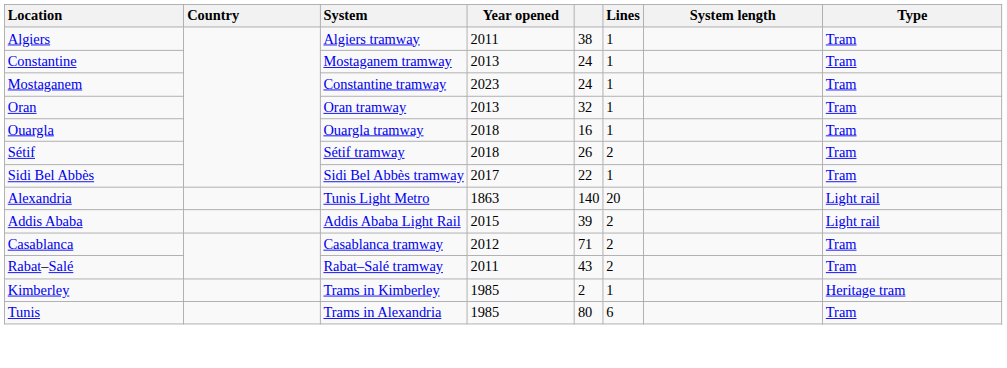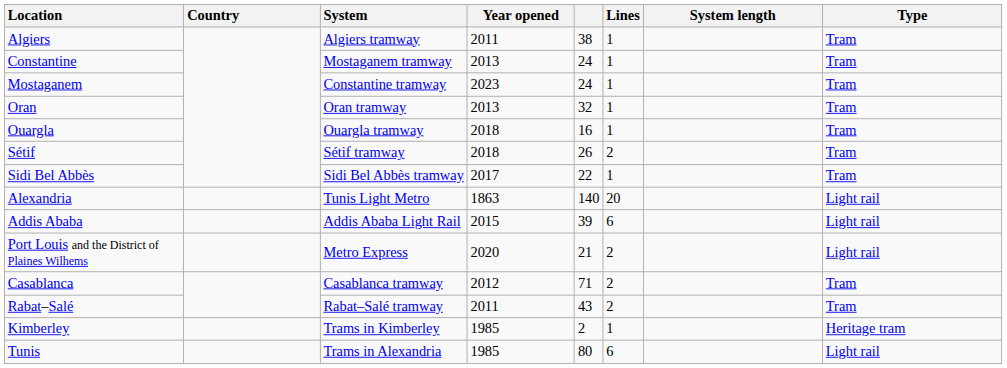 <table class="wikitable sortable sticky-header">
 <tr>
 <th style="text-align:left; width:12em;">Location</th>
 <th style="text-align:left; width:9em;">Country</th>
 <th style="text-align:left;">System</th>
 <th style="width:7em;">Year opened</th>
 <th data-sort-type="number"></th>
 <th>Lines</th>
 <th style="width:12em;" data-sort-type="number">System length</th>
 <th style="width:12em;">Type</th>
 </tr>
 <tr class="sort">
 <td><a href='#'>Algiers</a></td>
 <td rowspan="7"></td>
 <td><a href='#'>Algiers tramway</a></td>
 <td style="text-align:left">2011</td>
 <td style="text-align:left">38</td>
 <td style="text-align:left">1</td>
 <td style="text-align:left"></td>
 <td><a href='#'>Tram</a></td>
 </tr>
 <tr>
 <td><a href='#'>Constantine</a></td>
 <td><a href='#'>Mostaganem tramway</a></td>
 <td style="text-align:left">2013</td>
 <td style="text-align:left">24</td>
 <td style="text-align:left">1</td>
 <td style="text-align:left"></td>
 <td><a href='#'>Tram</a></td>
 </tr>
 <tr>
 <td><a href='#'>Mostaganem</a></td>
 <td><a href='#'>Constantine tramway</a></td>
 <td style="text-align:left">2023</td>
 <td style="text-align:left">24</td>
 <td style="text-align:left">1</td>
 <td style="text-align:left"></td>
 <td><a href='#'>Tram</a></td>
 </tr>
 <tr>
 <td><a href='#'>Oran</a></td>
 <td><a href='#'>Oran tramway</a></td>
 <td style="text-align:left">2013</td>
 <td style="text-align:left">32</td>
 <td style="text-align:left">1</td>
 <td style="text-align:left"></td>
 <td><a href='#'>Tram</a></td>
 </tr>
 <tr>
 <td><a href='#'>Ouargla</a></td>
 <td><a href='#'>Ouargla tramway</a></td>
 <td style="text-align:left">2018</td>
 <td style="text-align:left">16</td>
 <td style="text-align:left">1</td>
 <td style="text-align:left"></td>
 <td><a href='#'>Tram</a></td>
 </tr>
 <tr>
 <td><a href='#'>Sétif</a></td>
 <td><a href='#'>Sétif tramway</a></td>
 <td style="text-align:left">2018</td>
 <td style="text-align:left">26</td>
 <td style="text-align:left">2</td>
 <td style="text-align:left"></td>
 <td><a href='#'>Tram</a></td>
 </tr>
 <tr>
 <td><a href='#'>Sidi Bel Abbès</a></td>
 <td><a href='#'>Sidi Bel Abbès tramway</a></td>
 <td style="text-align:left">2017</td>
 <td style="text-align:left">22</td>
 <td style="text-align:left">1</td>
 <td style="text-align:left"></td>
 <td><a href='#'>Tram</a></td>
 </tr>
 <tr>
 <td><a href='#'>Alexandria</a></td>
 <td></td>
 <td><a href='#'>Tunis Light Metro</a></td>
 <td style="text-align:left">1863</td>
 <td style="text-align:left">140</td>
 <td style="text-align:left">20</td>
 <td style="text-align:left"></td>
 <td><a href='#'>Light rail</a></td>
 </tr>
 <tr>
 <td><a href='#'>Addis Ababa</a></td>
 <td></td>
 <td><a href='#'>Addis Ababa Light Rail</a></td>
 <td style="text-align:left">2015</td>
 <td style="text-align:left">39</td>
+<td style="text-align:left">6</td>
+<td style="text-align:left"></td>
+<td><a href='#'>Light rail</a></td>
+</tr>
+<tr>
+<td><a href='#'>Port Louis</a> <small>and the District of <a href='#'>Plaines Wilhems</a></small></td>
+<td></td>
+<td><a href='#'>Metro Express</a></td>
+<td style="text-align:left">2020</td>
+<td style="text-align:left">21</td>
 <td style="text-align:left">2</td>
 <td style="text-align:left"></td>
 <td><a href='#'>Light rail</a></td>
 </tr>
 <tr>
 <td><a href='#'>Casablanca</a></td>
 <td rowspan="2"></td>
 <td><a href='#'>Casablanca tramway</a></td>
 <td style="text-align:left">2012</td>
 <td style="text-align:left">71</td>
 <td style="text-align:left">2</td>
 <td style="text-align:left"></td>
 <td><a href='#'>Tram</a></td>
 </tr>
 <tr>
 <td><a href='#'>Rabat</a>–<a href='#'>Salé</a></td>
 <td><a href='#'>Rabat–Salé tramway</a></td>
 <td style="text-align:left">2011</td>
 <td style="text-align:left">43</td>
 <td style="text-align:left">2</td>
 <td style="text-align:left"></td>
 <td><a href='#'>Tram</a></td>
 </tr>
 <tr>
 <td><a href='#'>Kimberley</a></td>
 <td></td>
 <td><a href='#'>Trams in Kimberley</a></td>
 <td style="text-align:left">1985</td>
 <td style="text-align:left">2</td>
 <td style="text-align:left">1</td>
 <td style="text-align:left"></td>
 <td><a href='#'>Heritage tram</a></td>
 </tr>
 <tr>
 <td><a href='#'>Tunis</a></td>
 <td></td>
 <td><a href='#'>Trams in Alexandria</a></td>
 <td style="text-align:left">1985</td>
 <td style="text-align:left">80</td>
 <td style="text-align:left">6</td>
 <td style="text-align:left"></td>
-<td><a href='#'>Tram</a></td>
+<td><a href='#'>Light rail</a></td>
 </tr>
 </table>
